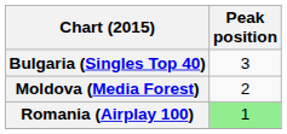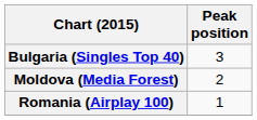 <table class="wikitable sortable plainrowheaders">
 <tr>
 <th scope="col">Chart (2015)</th>
 <th scope="col">Peak<br>position</th>
 </tr>
 <tr>
 <th scope="row">Bulgaria (<a href='#'>Singles Top 40</a>)</th>
 <td style="text-align:center;">3</td>
 </tr>
 <tr>
 <th scope="row">Moldova (<a href='#'>Media Forest</a>)</th>
 <td style="text-align:center;">2</td>
 </tr>
 <tr>
 <th scope="row">Romania (<a href='#'>Airplay 100</a>)</th>
-<td style="background: lightgreen; text-align:center;">1</td>
+<td style="text-align:center;">1</td>
 </tr>
 <tr>
 </tr>
 <tr>
 </tr>
 </table>
